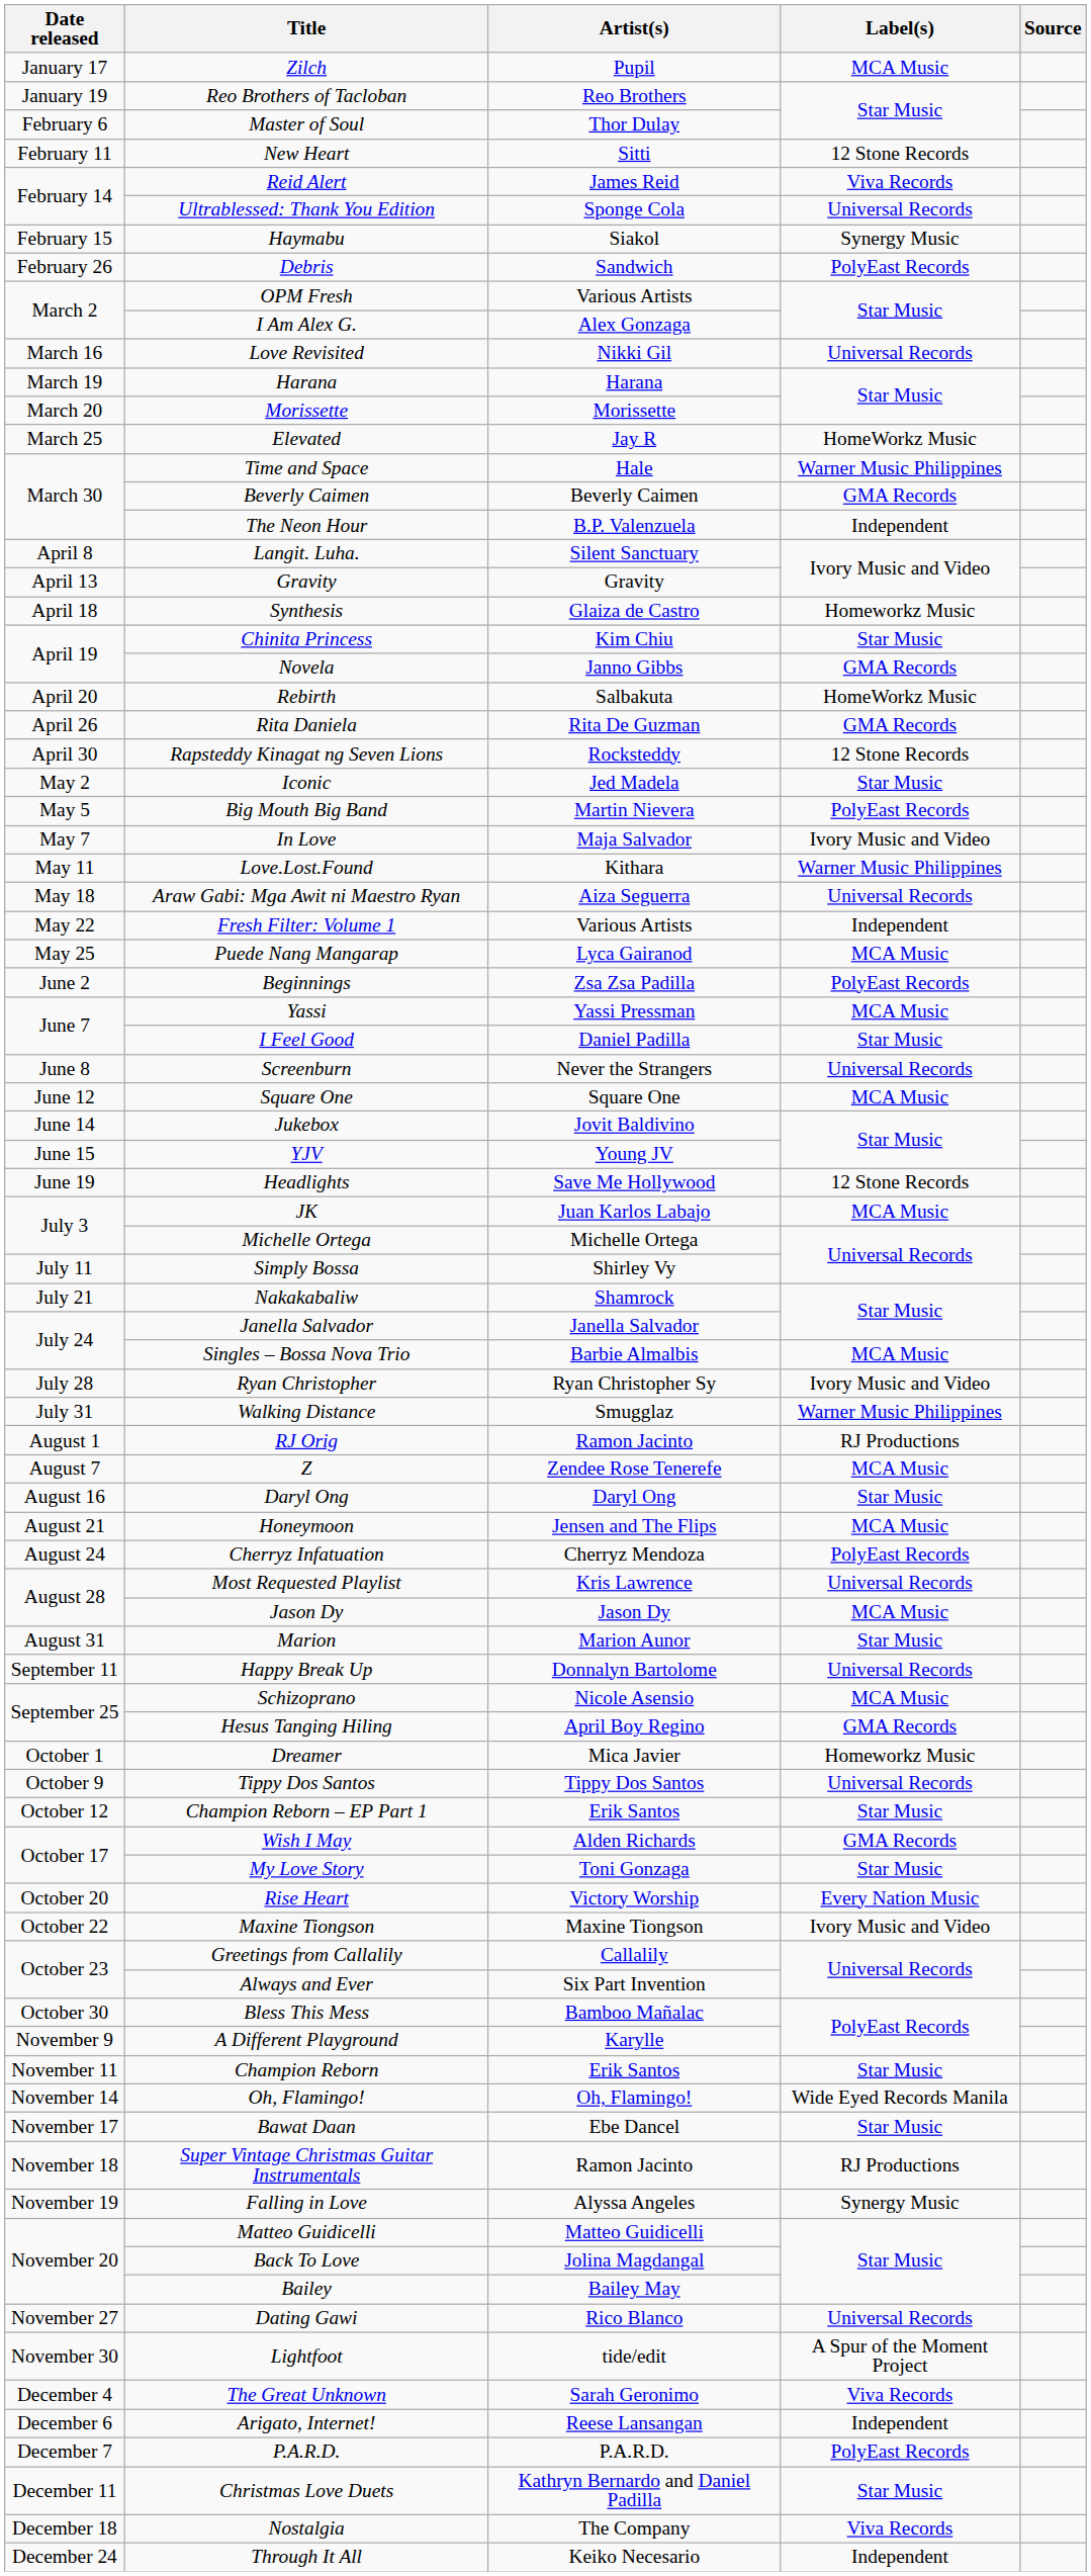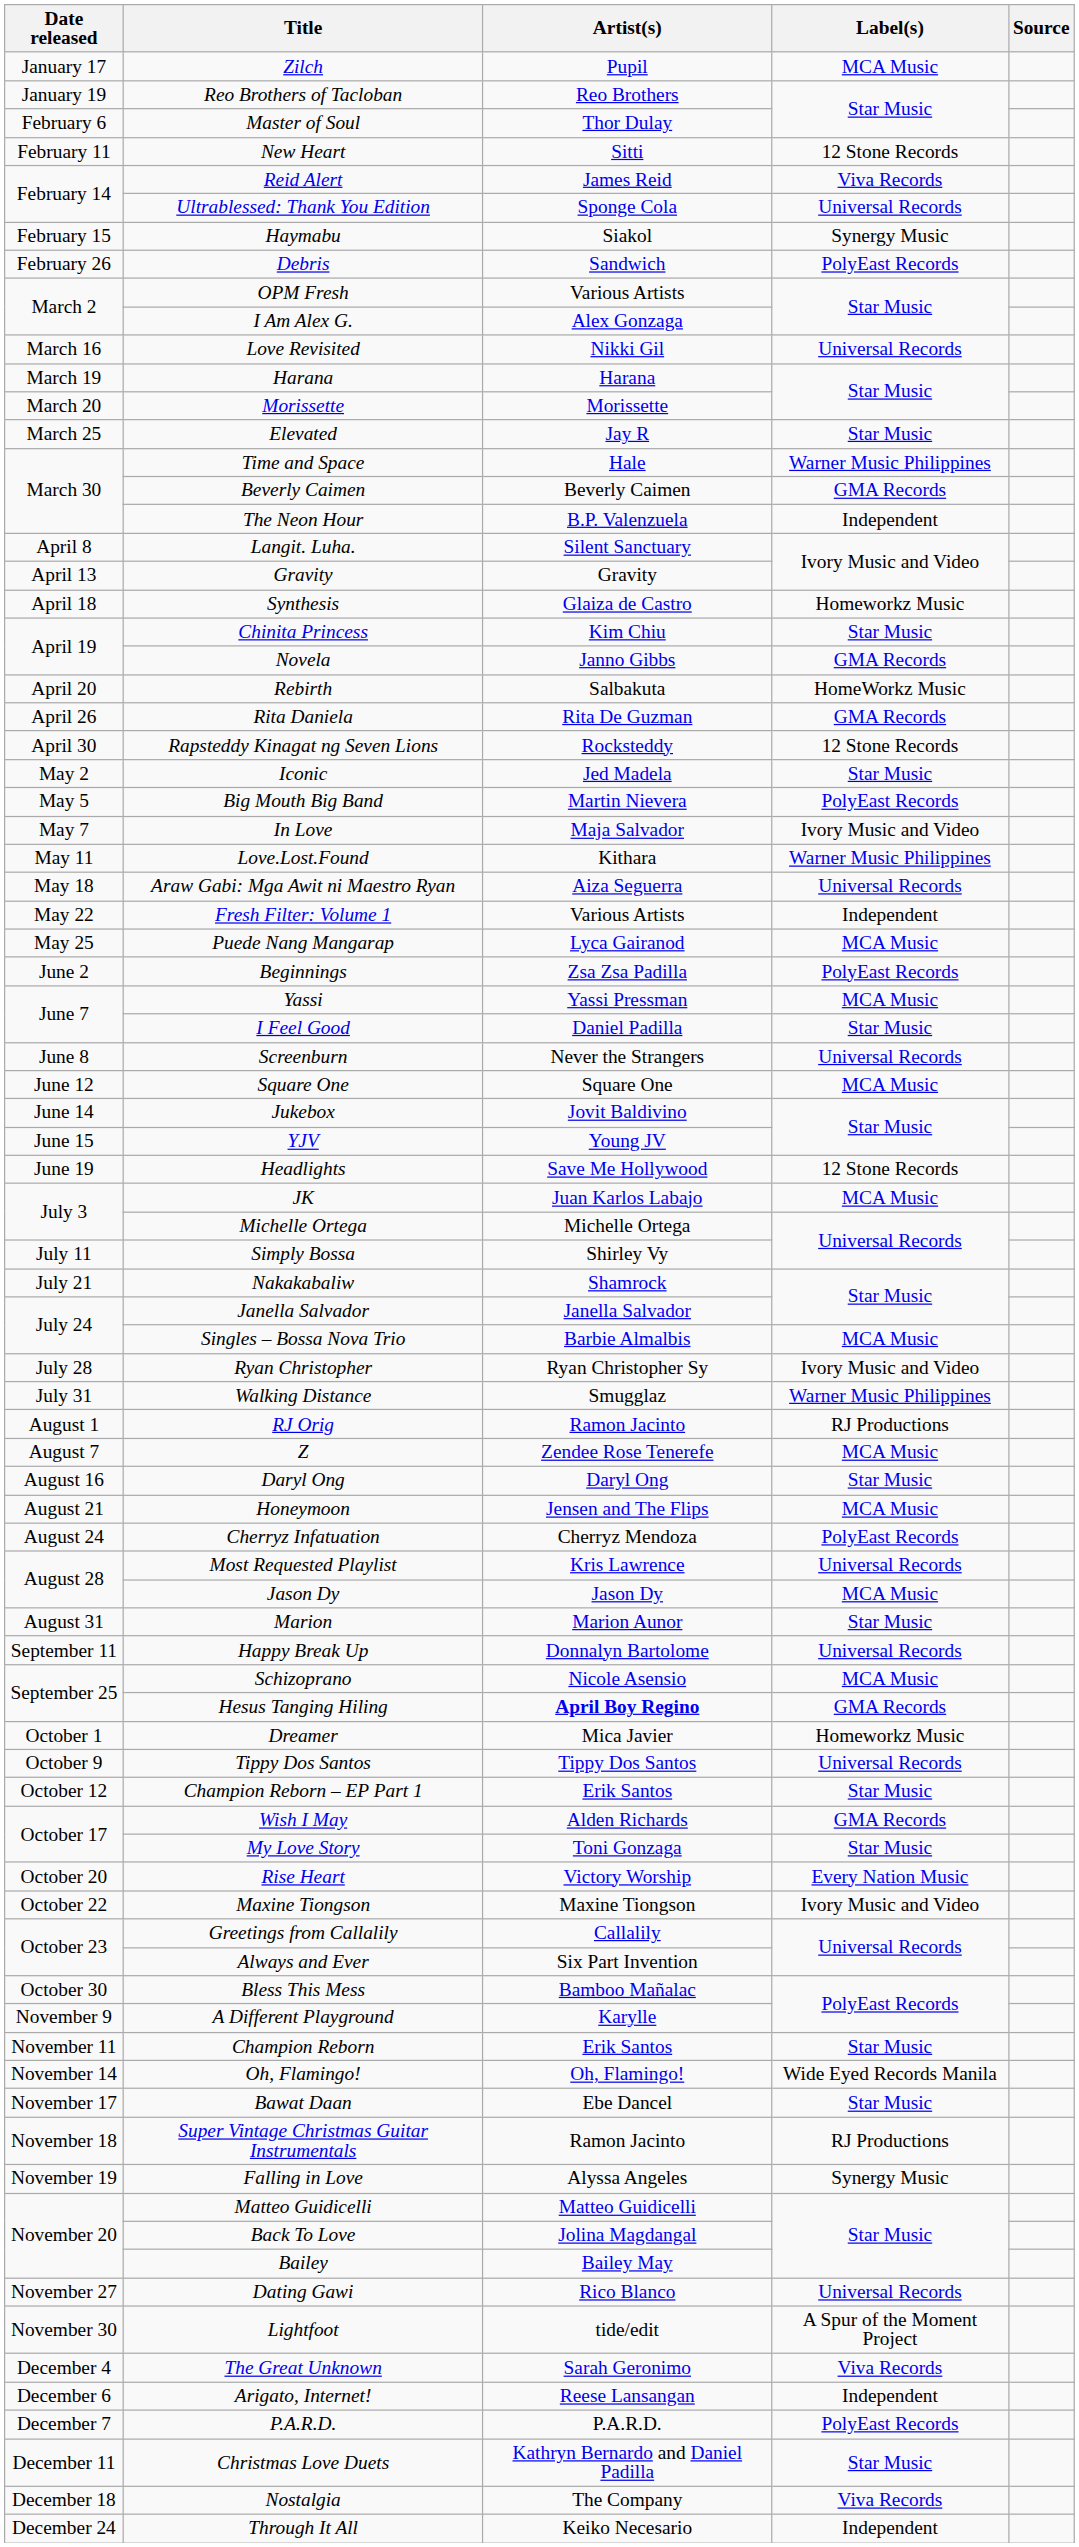 <table class="wikitable" style="text-align:center; line-height:16px; width:70%;">
 <tr>
 <th>Date released</th>
 <th>Title</th>
 <th>Artist(s)</th>
 <th>Label(s)</th>
 <th>Source</th>
 </tr>
 <tr>
 <td>January 17</td>
 <td><em><a href='#'>Zilch</a></em></td>
 <td><a href='#'>Pupil</a></td>
 <td><a href='#'>MCA Music</a></td>
 <td></td>
 </tr>
 <tr>
 <td>January 19</td>
 <td><em>Reo Brothers of Tacloban</em></td>
 <td><a href='#'>Reo Brothers</a></td>
 <td rowspan=2><a href='#'>Star Music</a></td>
 <td></td>
 </tr>
 <tr>
 <td>February 6</td>
 <td><em>Master of Soul</em></td>
 <td><a href='#'>Thor Dulay</a></td>
 <td></td>
 </tr>
 <tr>
 <td>February 11</td>
 <td><em>New Heart</em></td>
 <td><a href='#'>Sitti</a></td>
 <td>12 Stone Records</td>
 <td></td>
 </tr>
 <tr>
 <td rowspan=2>February 14</td>
 <td><em><a href='#'>Reid Alert</a></em></td>
 <td><a href='#'>James Reid</a></td>
 <td><a href='#'>Viva Records</a></td>
 <td></td>
 </tr>
 <tr>
 <td><em><a href='#'>Ultrablessed: Thank You Edition</a></em></td>
 <td><a href='#'>Sponge Cola</a></td>
 <td><a href='#'>Universal Records</a></td>
 <td></td>
 </tr>
 <tr>
 <td>February 15</td>
 <td><em>Haymabu</em></td>
 <td>Siakol</td>
 <td>Synergy Music</td>
 <td></td>
 </tr>
 <tr>
 <td>February 26</td>
 <td><em><a href='#'>Debris</a></em></td>
 <td><a href='#'>Sandwich</a></td>
 <td><a href='#'>PolyEast Records</a></td>
 <td></td>
 </tr>
 <tr>
 <td rowspan=2>March 2</td>
 <td><em>OPM Fresh</em></td>
 <td>Various Artists</td>
 <td rowspan=2><a href='#'>Star Music</a></td>
 <td></td>
 </tr>
 <tr>
 <td><em>I Am Alex G.</em></td>
 <td><a href='#'>Alex Gonzaga</a></td>
 <td></td>
 </tr>
 <tr>
 <td>March 16</td>
 <td><em>Love Revisited</em></td>
 <td><a href='#'>Nikki Gil</a></td>
 <td><a href='#'>Universal Records</a></td>
 <td></td>
 </tr>
 <tr>
 <td>March 19</td>
 <td><em>Harana</em></td>
 <td><a href='#'>Harana</a></td>
 <td rowspan=2><a href='#'>Star Music</a></td>
 <td></td>
 </tr>
 <tr>
 <td>March 20</td>
 <td><em><a href='#'>Morissette</a></em></td>
 <td><a href='#'>Morissette</a></td>
 <td></td>
 </tr>
 <tr>
 <td>March 25</td>
 <td><em>Elevated</em></td>
 <td><a href='#'>Jay R</a></td>
-<td>HomeWorkz Music</td>
+<td><a href='#'>Star Music</a></td>
 <td></td>
 </tr>
 <tr>
 <td rowspan=3>March 30</td>
 <td><em>Time and Space</em></td>
 <td><a href='#'>Hale</a></td>
 <td><a href='#'>Warner Music Philippines</a></td>
 <td></td>
 </tr>
 <tr>
 <td><em>Beverly Caimen</em></td>
 <td>Beverly Caimen</td>
 <td><a href='#'>GMA Records</a></td>
 <td></td>
 </tr>
 <tr>
 <td><em>The Neon Hour</em></td>
 <td><a href='#'>B.P. Valenzuela</a></td>
 <td>Independent</td>
 <td></td>
 </tr>
 <tr>
 <td>April 8</td>
 <td><em>Langit. Luha.</em></td>
 <td><a href='#'>Silent Sanctuary</a></td>
 <td rowspan=2>Ivory Music and Video</td>
 <td></td>
 </tr>
 <tr>
 <td>April 13</td>
 <td><em>Gravity</em></td>
 <td>Gravity</td>
 <td></td>
 </tr>
 <tr>
 <td>April 18</td>
 <td><em>Synthesis</em></td>
 <td><a href='#'>Glaiza de Castro</a></td>
 <td>Homeworkz Music</td>
 <td></td>
 </tr>
 <tr>
 <td rowspan=2>April 19</td>
 <td><em><a href='#'>Chinita Princess</a></em></td>
 <td><a href='#'>Kim Chiu</a></td>
 <td><a href='#'>Star Music</a></td>
 <td></td>
 </tr>
 <tr>
 <td><em>Novela</em></td>
 <td><a href='#'>Janno Gibbs</a></td>
 <td><a href='#'>GMA Records</a></td>
 <td></td>
 </tr>
 <tr>
 <td>April 20</td>
 <td><em>Rebirth</em></td>
 <td>Salbakuta</td>
 <td>HomeWorkz Music</td>
 <td></td>
 </tr>
 <tr>
 <td>April 26</td>
 <td><em>Rita Daniela</em></td>
 <td><a href='#'>Rita De Guzman</a></td>
 <td><a href='#'>GMA Records</a></td>
 <td></td>
 </tr>
 <tr>
 <td>April 30</td>
 <td><em>Rapsteddy Kinagat ng Seven Lions</em></td>
 <td><a href='#'>Rocksteddy</a></td>
 <td>12 Stone Records</td>
 <td></td>
 </tr>
 <tr>
 <td>May 2</td>
 <td><em>Iconic</em></td>
 <td><a href='#'>Jed Madela</a></td>
 <td><a href='#'>Star Music</a></td>
 <td></td>
 </tr>
 <tr>
 <td>May 5</td>
 <td><em>Big Mouth Big Band</em></td>
 <td><a href='#'>Martin Nievera</a></td>
 <td><a href='#'>PolyEast Records</a></td>
 <td></td>
 </tr>
 <tr>
 <td>May 7</td>
 <td><em>In Love</em></td>
 <td><a href='#'>Maja Salvador</a></td>
 <td>Ivory Music and Video</td>
 <td></td>
 </tr>
 <tr>
 <td>May 11</td>
 <td><em>Love.Lost.Found</em></td>
 <td>Kithara</td>
 <td><a href='#'>Warner Music Philippines</a></td>
 <td></td>
 </tr>
 <tr>
 <td>May 18</td>
 <td><em>Araw Gabi: Mga Awit ni Maestro Ryan</em></td>
 <td><a href='#'>Aiza Seguerra</a></td>
 <td><a href='#'>Universal Records</a></td>
 <td></td>
 </tr>
 <tr>
 <td>May 22</td>
 <td><em><a href='#'>Fresh Filter: Volume 1</a></em></td>
 <td>Various Artists</td>
 <td>Independent</td>
 <td></td>
 </tr>
 <tr>
 <td>May 25</td>
 <td><em>Puede Nang Mangarap</em></td>
 <td><a href='#'>Lyca Gairanod</a></td>
 <td><a href='#'>MCA Music</a></td>
 <td></td>
 </tr>
 <tr>
 <td>June 2</td>
 <td><em>Beginnings</em></td>
 <td><a href='#'>Zsa Zsa Padilla</a></td>
 <td><a href='#'>PolyEast Records</a></td>
 <td></td>
 </tr>
 <tr>
 <td rowspan=2>June 7</td>
 <td><em>Yassi</em></td>
 <td><a href='#'>Yassi Pressman</a></td>
 <td><a href='#'>MCA Music</a></td>
 <td></td>
 </tr>
 <tr>
 <td><em><a href='#'>I Feel Good</a></em></td>
 <td><a href='#'>Daniel Padilla</a></td>
 <td><a href='#'>Star Music</a></td>
 <td></td>
 </tr>
 <tr>
 <td>June 8</td>
 <td><em>Screenburn</em></td>
 <td>Never the Strangers</td>
 <td><a href='#'>Universal Records</a></td>
 <td></td>
 </tr>
 <tr>
 <td>June 12</td>
 <td><em>Square One</em></td>
 <td>Square One</td>
 <td><a href='#'>MCA Music</a></td>
 <td></td>
 </tr>
 <tr>
 <td>June 14</td>
 <td><em>Jukebox</em></td>
 <td><a href='#'>Jovit Baldivino</a></td>
 <td rowspan=2><a href='#'>Star Music</a></td>
 <td></td>
 </tr>
 <tr>
 <td>June 15</td>
 <td><em><a href='#'>YJV</a></em></td>
 <td><a href='#'>Young JV</a></td>
 <td></td>
 </tr>
 <tr>
 <td>June 19</td>
 <td><em>Headlights</em></td>
 <td><a href='#'>Save Me Hollywood</a></td>
 <td>12 Stone Records</td>
 <td></td>
 </tr>
 <tr>
 <td rowspan=2>July 3</td>
 <td><em>JK</em></td>
 <td><a href='#'>Juan Karlos Labajo</a></td>
 <td><a href='#'>MCA Music</a></td>
 <td></td>
 </tr>
 <tr>
 <td><em>Michelle Ortega</em></td>
 <td>Michelle Ortega</td>
 <td rowspan=2><a href='#'>Universal Records</a></td>
 <td></td>
 </tr>
 <tr>
 <td>July 11</td>
 <td><em>Simply Bossa</em></td>
 <td>Shirley Vy</td>
 <td></td>
 </tr>
 <tr>
 <td>July 21</td>
 <td><em>Nakakabaliw</em></td>
 <td><a href='#'>Shamrock</a></td>
 <td rowspan=2><a href='#'>Star Music</a></td>
 <td></td>
 </tr>
 <tr>
 <td rowspan=2>July 24</td>
 <td><em>Janella Salvador</em></td>
 <td><a href='#'>Janella Salvador</a></td>
 <td></td>
 </tr>
 <tr>
 <td><em>Singles – Bossa Nova Trio</em></td>
 <td><a href='#'>Barbie Almalbis</a></td>
 <td><a href='#'>MCA Music</a></td>
 <td></td>
 </tr>
 <tr>
 <td>July 28</td>
 <td><em>Ryan Christopher</em></td>
 <td>Ryan Christopher Sy</td>
 <td>Ivory Music and Video</td>
 <td></td>
 </tr>
 <tr>
 <td>July 31</td>
 <td><em>Walking Distance</em></td>
 <td>Smugglaz</td>
 <td><a href='#'>Warner Music Philippines</a></td>
 <td></td>
 </tr>
 <tr>
 <td>August 1</td>
 <td><em><a href='#'>RJ Orig</a></em></td>
 <td><a href='#'>Ramon Jacinto</a></td>
 <td>RJ Productions</td>
 <td></td>
 </tr>
 <tr>
 <td>August 7</td>
 <td><em>Z</em></td>
 <td><a href='#'>Zendee Rose Tenerefe</a></td>
 <td><a href='#'>MCA Music</a></td>
 <td></td>
 </tr>
 <tr>
 <td>August 16</td>
 <td><em>Daryl Ong</em></td>
 <td><a href='#'>Daryl Ong</a></td>
 <td><a href='#'>Star Music</a></td>
 <td></td>
 </tr>
 <tr>
 <td>August 21</td>
 <td><em>Honeymoon</em></td>
 <td><a href='#'>Jensen and The Flips</a></td>
 <td><a href='#'>MCA Music</a></td>
 <td></td>
 </tr>
 <tr>
 <td>August 24</td>
 <td><em>Cherryz Infatuation</em></td>
 <td>Cherryz Mendoza</td>
 <td><a href='#'>PolyEast Records</a></td>
 <td></td>
 </tr>
 <tr>
 <td rowspan=2>August 28</td>
 <td><em>Most Requested Playlist</em></td>
 <td><a href='#'>Kris Lawrence</a></td>
 <td><a href='#'>Universal Records</a></td>
 <td></td>
 </tr>
 <tr>
 <td><em>Jason Dy</em></td>
 <td><a href='#'>Jason Dy</a></td>
 <td><a href='#'>MCA Music</a></td>
 <td></td>
 </tr>
 <tr>
 <td>August 31</td>
 <td><em>Marion</em></td>
 <td><a href='#'>Marion Aunor</a></td>
 <td><a href='#'>Star Music</a></td>
 <td></td>
 </tr>
 <tr>
 <td>September 11</td>
 <td><em>Happy Break Up</em></td>
 <td><a href='#'>Donnalyn Bartolome</a></td>
 <td><a href='#'>Universal Records</a></td>
 <td></td>
 </tr>
 <tr>
 <td rowspan=2>September 25</td>
 <td><em>Schizoprano</em></td>
 <td><a href='#'>Nicole Asensio</a></td>
 <td><a href='#'>MCA Music</a></td>
 <td></td>
 </tr>
 <tr>
 <td><em>Hesus Tanging Hiling</em></td>
-<td><a href='#'>April Boy Regino</a></td>
+<td><strong><a href='#'>April Boy Regino</a></strong></td>
 <td><a href='#'>GMA Records</a></td>
 <td></td>
 </tr>
 <tr>
 <td>October 1</td>
 <td><em>Dreamer</em></td>
 <td>Mica Javier</td>
 <td>Homeworkz Music</td>
 <td></td>
 </tr>
 <tr>
 <td>October 9</td>
 <td><em>Tippy Dos Santos</em></td>
 <td><a href='#'>Tippy Dos Santos</a></td>
 <td><a href='#'>Universal Records</a></td>
 <td></td>
 </tr>
 <tr>
 <td>October 12</td>
 <td><em>Champion Reborn – EP Part 1</em></td>
 <td><a href='#'>Erik Santos</a></td>
 <td><a href='#'>Star Music</a></td>
 <td></td>
 </tr>
 <tr>
 <td rowspan=2>October 17</td>
 <td><em><a href='#'>Wish I May</a></em></td>
 <td><a href='#'>Alden Richards</a></td>
 <td><a href='#'>GMA Records</a></td>
 <td></td>
 </tr>
 <tr>
 <td><em><a href='#'>My Love Story</a></em></td>
 <td><a href='#'>Toni Gonzaga</a></td>
 <td><a href='#'>Star Music</a></td>
 <td></td>
 </tr>
 <tr>
 <td>October 20</td>
 <td><em><a href='#'>Rise Heart</a></em></td>
 <td><a href='#'>Victory Worship</a></td>
 <td><a href='#'>Every Nation Music</a></td>
 <td></td>
 </tr>
 <tr>
 <td>October 22</td>
 <td><em>Maxine Tiongson</em></td>
 <td>Maxine Tiongson</td>
 <td>Ivory Music and Video</td>
 <td></td>
 </tr>
 <tr>
 <td rowspan=2>October 23</td>
 <td><em>Greetings from Callalily</em></td>
 <td><a href='#'>Callalily</a></td>
 <td rowspan=2><a href='#'>Universal Records</a></td>
 <td></td>
 </tr>
 <tr>
 <td><em>Always and Ever</em></td>
 <td>Six Part Invention</td>
 <td></td>
 </tr>
 <tr>
 <td>October 30</td>
 <td><em>Bless This Mess</em></td>
 <td><a href='#'>Bamboo Mañalac</a></td>
 <td rowspan=2><a href='#'>PolyEast Records</a></td>
 <td></td>
 </tr>
 <tr>
 <td>November 9</td>
 <td><em>A Different Playground</em></td>
 <td><a href='#'>Karylle</a></td>
 <td></td>
 </tr>
 <tr>
 <td>November 11</td>
 <td><em>Champion Reborn</em></td>
 <td><a href='#'>Erik Santos</a></td>
 <td><a href='#'>Star Music</a></td>
 <td></td>
 </tr>
 <tr>
 <td>November 14</td>
 <td><em>Oh, Flamingo!</em></td>
 <td><a href='#'>Oh, Flamingo!</a></td>
 <td>Wide Eyed Records Manila</td>
 <td></td>
 </tr>
 <tr>
 <td>November 17</td>
 <td><em>Bawat Daan</em></td>
 <td>Ebe Dancel</td>
 <td><a href='#'>Star Music</a></td>
 <td></td>
 </tr>
 <tr>
 <td>November 18</td>
 <td><em><a href='#'>Super Vintage Christmas Guitar Instrumentals</a></em></td>
 <td>Ramon Jacinto</td>
 <td>RJ Productions</td>
 <td></td>
 </tr>
 <tr>
 <td>November 19</td>
 <td><em>Falling in Love</em></td>
 <td>Alyssa Angeles</td>
 <td>Synergy Music</td>
 <td></td>
 </tr>
 <tr>
 <td rowspan=3>November 20</td>
 <td><em>Matteo Guidicelli</em></td>
 <td><a href='#'>Matteo Guidicelli</a></td>
 <td rowspan=3><a href='#'>Star Music</a></td>
 <td></td>
 </tr>
 <tr>
 <td><em>Back To Love</em></td>
 <td><a href='#'>Jolina Magdangal</a></td>
 <td></td>
 </tr>
 <tr>
 <td><em>Bailey</em></td>
 <td><a href='#'>Bailey May</a></td>
 <td></td>
 </tr>
 <tr>
 <td>November 27</td>
 <td><em>Dating Gawi</em></td>
 <td><a href='#'>Rico Blanco</a></td>
 <td><a href='#'>Universal Records</a></td>
 <td></td>
 </tr>
 <tr>
 <td>November 30</td>
 <td><em>Lightfoot</em></td>
 <td>tide/edit</td>
 <td>A Spur of the Moment Project</td>
 <td></td>
 </tr>
 <tr>
 <td>December 4</td>
 <td><em><a href='#'>The Great Unknown</a></em></td>
 <td><a href='#'>Sarah Geronimo</a></td>
 <td><a href='#'>Viva Records</a></td>
 <td></td>
 </tr>
 <tr>
 <td>December 6</td>
 <td><em>Arigato, Internet!</em></td>
 <td><a href='#'>Reese Lansangan</a></td>
 <td>Independent</td>
 <td></td>
 </tr>
 <tr>
 <td>December 7</td>
 <td><em>P.A.R.D.</em></td>
 <td>P.A.R.D.</td>
 <td><a href='#'>PolyEast Records</a></td>
 <td></td>
 </tr>
 <tr>
 <td>December 11</td>
 <td><em>Christmas Love Duets</em></td>
 <td><a href='#'>Kathryn Bernardo</a> and <a href='#'>Daniel Padilla</a></td>
 <td><a href='#'>Star Music</a></td>
 <td></td>
 </tr>
 <tr>
 <td>December 18</td>
 <td><em>Nostalgia</em></td>
 <td>The Company</td>
 <td><a href='#'>Viva Records</a></td>
 <td></td>
 </tr>
 <tr>
 <td>December 24</td>
 <td><em>Through It All</em></td>
 <td>Keiko Necesario</td>
 <td>Independent</td>
 <td></td>
 </tr>
 </table>
